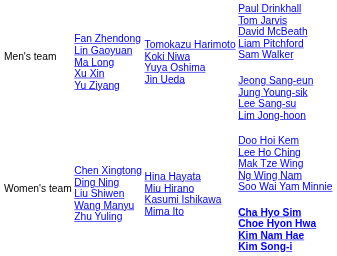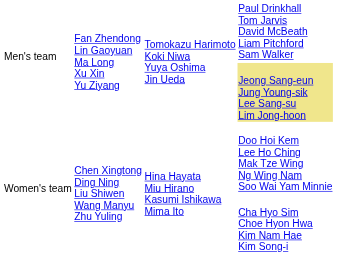 <table>
 <tr>
 <td rowspan=2>Men's team<br></td>
 <td rowspan=2><br><a href='#'>Fan Zhendong</a><br><a href='#'>Lin Gaoyuan</a><br><a href='#'>Ma Long</a><br><a href='#'>Xu Xin</a><br><a href='#'>Yu Ziyang</a></td>
 <td rowspan=2><br><a href='#'>Tomokazu Harimoto</a><br><a href='#'>Koki Niwa</a><br><a href='#'>Yuya Oshima</a><br><a href='#'>Jin Ueda</a></td>
 <td><br><a href='#'>Paul Drinkhall</a><br><a href='#'>Tom Jarvis</a><br><a href='#'>David McBeath</a><br><a href='#'>Liam Pitchford</a><br><a href='#'>Sam Walker</a></td>
 </tr>
 <tr>
-<td><br><a href='#'>Jeong Sang-eun</a><br><a href='#'>Jung Young-sik</a><br><a href='#'>Lee Sang-su</a><br><a href='#'>Lim Jong-hoon</a></td>
+<td style="background: khaki;"><br><a href='#'>Jeong Sang-eun</a><br><a href='#'>Jung Young-sik</a><br><a href='#'>Lee Sang-su</a><br><a href='#'>Lim Jong-hoon</a></td>
 </tr>
 <tr>
 <td rowspan=2>Women's team<br></td>
 <td rowspan=2><br><a href='#'>Chen Xingtong</a><br><a href='#'>Ding Ning</a><br><a href='#'>Liu Shiwen</a><br><a href='#'>Wang Manyu</a><br><a href='#'>Zhu Yuling</a></td>
 <td rowspan=2><br><a href='#'>Hina Hayata</a><br><a href='#'>Miu Hirano</a><br><a href='#'>Kasumi Ishikawa</a><br><a href='#'>Mima Ito</a></td>
 <td><br><a href='#'>Doo Hoi Kem</a><br><a href='#'>Lee Ho Ching</a><br><a href='#'>Mak Tze Wing</a><br><a href='#'>Ng Wing Nam</a><br><a href='#'>Soo Wai Yam Minnie</a></td>
 </tr>
 <tr>
-<td><strong><br><a href='#'>Cha Hyo Sim</a><br><a href='#'>Choe Hyon Hwa</a><br><a href='#'>Kim Nam Hae</a><br><a href='#'>Kim Song-i</a></strong></td>
+<td><br><a href='#'>Cha Hyo Sim</a><br><a href='#'>Choe Hyon Hwa</a><br><a href='#'>Kim Nam Hae</a><br><a href='#'>Kim Song-i</a></td>
 </tr>
 </table>
